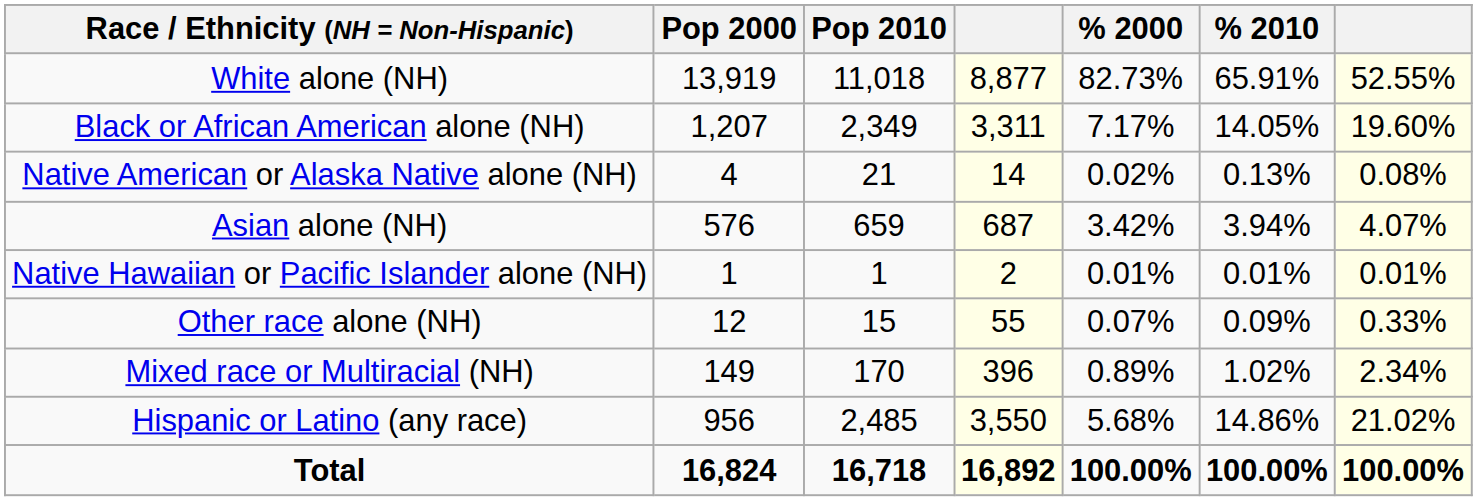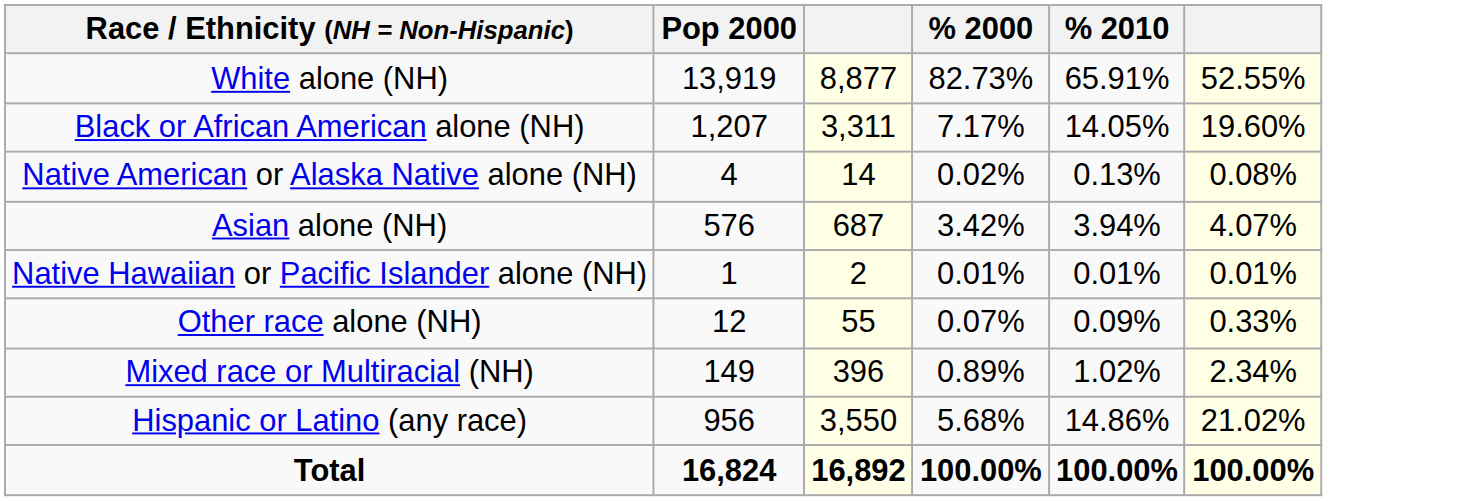 <table class="wikitable" style="text-align:center;">
 <tr>
 <th>Race / Ethnicity <small>(<em>NH = Non-Hispanic</em>)</small></th>
 <th>Pop 2000</th>
-<th>Pop 2010</th>
 <th></th>
 <th>% 2000</th>
 <th>% 2010</th>
 <th></th>
 </tr>
 <tr>
 <td><a href='#'>White</a> alone (NH)</td>
 <td>13,919</td>
-<td>11,018</td>
 <td style='background: #ffffe6;'>8,877</td>
 <td>82.73%</td>
 <td>65.91%</td>
 <td style='background: #ffffe6;'>52.55%</td>
 </tr>
 <tr>
 <td><a href='#'>Black or African American</a> alone (NH)</td>
 <td>1,207</td>
-<td>2,349</td>
 <td style='background: #ffffe6;'>3,311</td>
 <td>7.17%</td>
 <td>14.05%</td>
 <td style='background: #ffffe6;'>19.60%</td>
 </tr>
 <tr>
 <td><a href='#'>Native American</a> or <a href='#'>Alaska Native</a> alone (NH)</td>
 <td>4</td>
-<td>21</td>
 <td style='background: #ffffe6;'>14</td>
 <td>0.02%</td>
 <td>0.13%</td>
 <td style='background: #ffffe6;'>0.08%</td>
 </tr>
 <tr>
 <td><a href='#'>Asian</a> alone (NH)</td>
 <td>576</td>
-<td>659</td>
 <td style='background: #ffffe6;'>687</td>
 <td>3.42%</td>
 <td>3.94%</td>
 <td style='background: #ffffe6;'>4.07%</td>
 </tr>
 <tr>
 <td><a href='#'>Native Hawaiian</a> or <a href='#'>Pacific Islander</a> alone (NH)</td>
-<td>1</td>
 <td>1</td>
 <td style='background: #ffffe6;'>2</td>
 <td>0.01%</td>
 <td>0.01%</td>
 <td style='background: #ffffe6;'>0.01%</td>
 </tr>
 <tr>
 <td><a href='#'>Other race</a> alone (NH)</td>
 <td>12</td>
-<td>15</td>
 <td style='background: #ffffe6;'>55</td>
 <td>0.07%</td>
 <td>0.09%</td>
 <td style='background: #ffffe6;'>0.33%</td>
 </tr>
 <tr>
 <td><a href='#'>Mixed race or Multiracial</a> (NH)</td>
 <td>149</td>
-<td>170</td>
 <td style='background: #ffffe6;'>396</td>
 <td>0.89%</td>
 <td>1.02%</td>
 <td style='background: #ffffe6;'>2.34%</td>
 </tr>
 <tr>
 <td><a href='#'>Hispanic or Latino</a> (any race)</td>
 <td>956</td>
-<td>2,485</td>
 <td style='background: #ffffe6;'>3,550</td>
 <td>5.68%</td>
 <td>14.86%</td>
 <td style='background: #ffffe6;'>21.02%</td>
 </tr>
 <tr>
 <td><strong>Total</strong></td>
 <td><strong>16,824</strong></td>
-<td><strong>16,718</strong></td>
 <td style='background: #ffffe6;'><strong>16,892</strong></td>
 <td><strong>100.00%</strong></td>
 <td><strong>100.00%</strong></td>
 <td style='background: #ffffe6;'><strong>100.00%</strong></td>
 </tr>
 </table>
